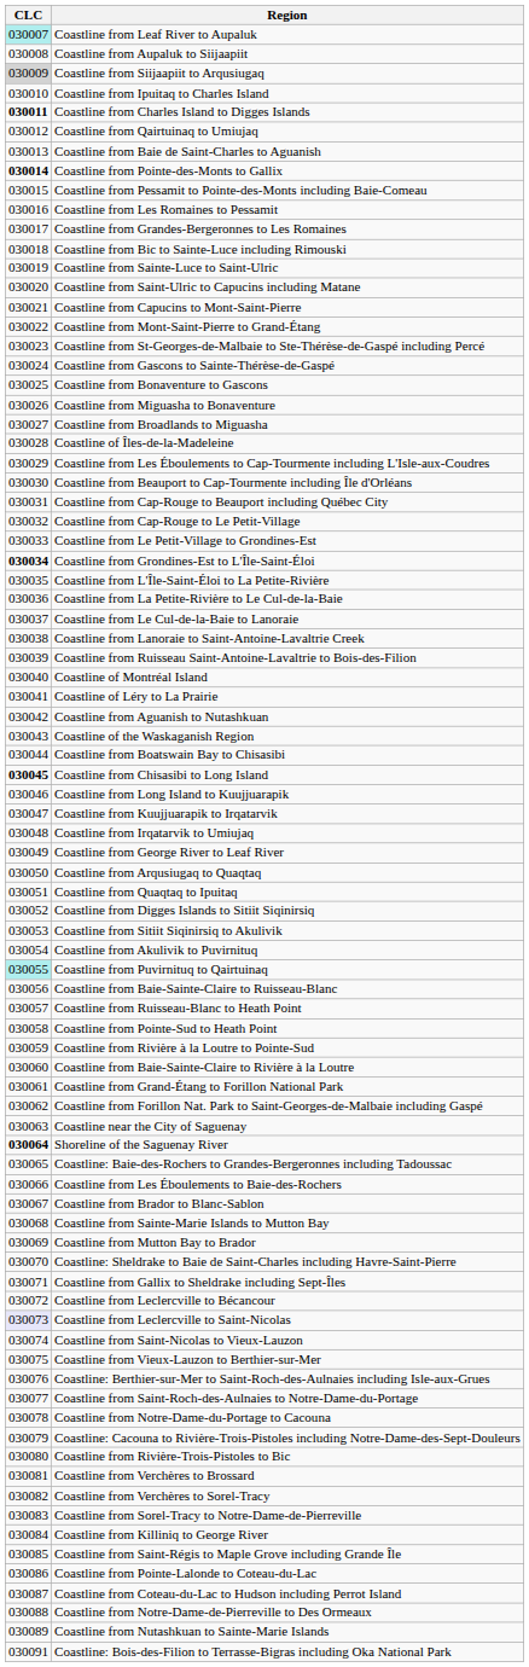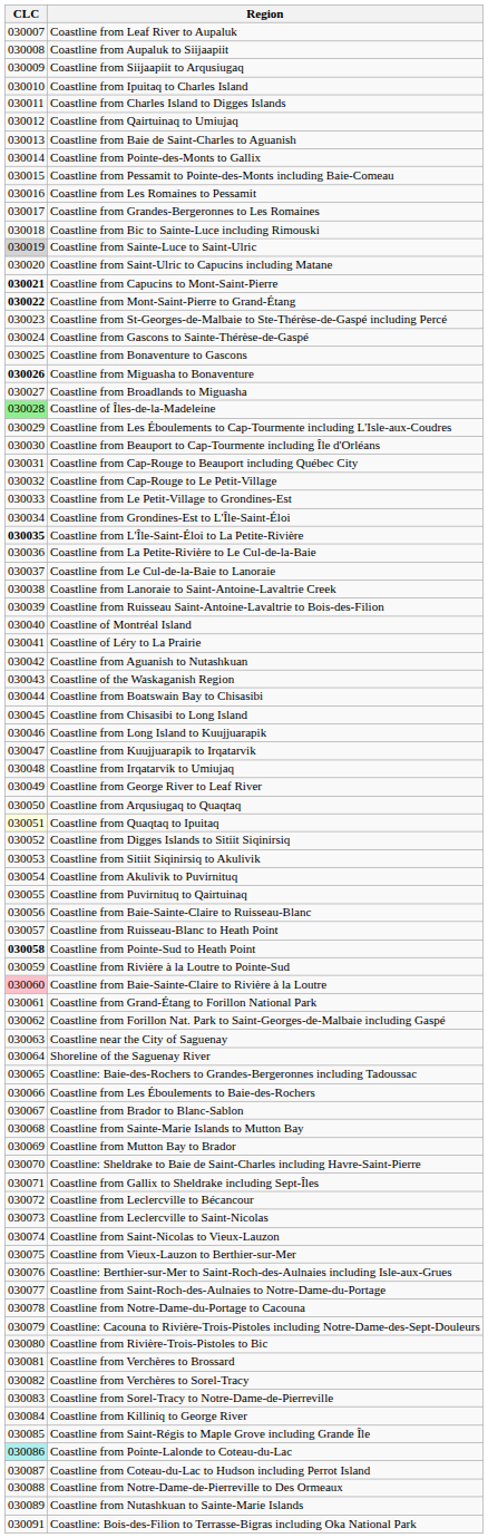 <table class="wikitable" style="line-height: 100%;">
 <tr>
 <th>CLC</th>
 <th>Region</th>
 </tr>
 <tr>
-<td style="background: paleturquoise;">030007</td>
+<td>030007</td>
 <td>Coastline from Leaf River to Aupaluk</td>
 </tr>
 <tr>
 <td>030008</td>
 <td>Coastline from Aupaluk to Siijaapiit</td>
 </tr>
 <tr>
-<td style="background: lightgrey;">030009</td>
+<td>030009</td>
 <td>Coastline from Siijaapiit to Arqusiugaq</td>
 </tr>
 <tr>
 <td>030010</td>
 <td>Coastline from Ipuitaq to Charles Island</td>
 </tr>
 <tr>
-<td><strong>030011</strong></td>
+<td>030011</td>
 <td>Coastline from Charles Island to Digges Islands</td>
 </tr>
 <tr>
 <td>030012</td>
 <td>Coastline from Qairtuinaq to Umiujaq</td>
 </tr>
 <tr>
 <td>030013</td>
 <td>Coastline from Baie de Saint-Charles to Aguanish</td>
 </tr>
 <tr>
-<td><strong>030014</strong></td>
+<td>030014</td>
 <td>Coastline from Pointe-des-Monts to Gallix</td>
 </tr>
 <tr>
 <td>030015</td>
 <td>Coastline from Pessamit to Pointe-des-Monts including Baie-Comeau</td>
 </tr>
 <tr>
 <td>030016</td>
 <td>Coastline from Les Romaines to Pessamit</td>
 </tr>
 <tr>
 <td>030017</td>
 <td>Coastline from Grandes-Bergeronnes to Les Romaines</td>
 </tr>
 <tr>
 <td>030018</td>
 <td>Coastline from Bic to Sainte-Luce including Rimouski</td>
 </tr>
 <tr>
-<td>030019</td>
+<td style="background: lightgrey;">030019</td>
 <td>Coastline from Sainte-Luce to Saint-Ulric</td>
 </tr>
 <tr>
 <td>030020</td>
 <td>Coastline from Saint-Ulric to Capucins including Matane</td>
 </tr>
 <tr>
-<td>030021</td>
+<td><strong>030021</strong></td>
 <td>Coastline from Capucins to Mont-Saint-Pierre</td>
 </tr>
 <tr>
-<td>030022</td>
+<td><strong>030022</strong></td>
 <td>Coastline from Mont-Saint-Pierre to Grand-Étang</td>
 </tr>
 <tr>
 <td>030023</td>
 <td>Coastline from St-Georges-de-Malbaie to Ste-Thérèse-de-Gaspé including Percé</td>
 </tr>
 <tr>
 <td>030024</td>
 <td>Coastline from Gascons to Sainte-Thérèse-de-Gaspé</td>
 </tr>
 <tr>
 <td>030025</td>
 <td>Coastline from Bonaventure to Gascons</td>
 </tr>
 <tr>
-<td>030026</td>
+<td><strong>030026</strong></td>
 <td>Coastline from Miguasha to Bonaventure</td>
 </tr>
 <tr>
 <td>030027</td>
 <td>Coastline from Broadlands to Miguasha</td>
 </tr>
 <tr>
-<td>030028</td>
+<td style="background: lightgreen;">030028</td>
 <td>Coastline of Îles-de-la-Madeleine</td>
 </tr>
 <tr>
 <td>030029</td>
 <td>Coastline from Les Éboulements to Cap-Tourmente including L'Isle-aux-Coudres</td>
 </tr>
 <tr>
 <td>030030</td>
 <td>Coastline from Beauport to Cap-Tourmente including Île d'Orléans</td>
 </tr>
 <tr>
 <td>030031</td>
 <td>Coastline from Cap-Rouge to Beauport including Québec City</td>
 </tr>
 <tr>
 <td>030032</td>
 <td>Coastline from Cap-Rouge to Le Petit-Village</td>
 </tr>
 <tr>
 <td>030033</td>
 <td>Coastline from Le Petit-Village to Grondines-Est</td>
 </tr>
 <tr>
-<td><strong>030034</strong></td>
+<td>030034</td>
 <td>Coastline from Grondines-Est to L'Île-Saint-Éloi</td>
 </tr>
 <tr>
-<td>030035</td>
+<td><strong>030035</strong></td>
 <td>Coastline from L'Île-Saint-Éloi to La Petite-Rivière</td>
 </tr>
 <tr>
 <td>030036</td>
 <td>Coastline from La Petite-Rivière to Le Cul-de-la-Baie</td>
 </tr>
 <tr>
 <td>030037</td>
 <td>Coastline from Le Cul-de-la-Baie to Lanoraie</td>
 </tr>
 <tr>
 <td>030038</td>
 <td>Coastline from Lanoraie to Saint-Antoine-Lavaltrie Creek</td>
 </tr>
 <tr>
 <td>030039</td>
 <td>Coastline from Ruisseau Saint-Antoine-Lavaltrie to Bois-des-Filion</td>
 </tr>
 <tr>
 <td>030040</td>
 <td>Coastline of Montréal Island</td>
 </tr>
 <tr>
 <td>030041</td>
 <td>Coastline of Léry to La Prairie</td>
 </tr>
 <tr>
 <td>030042</td>
 <td>Coastline from Aguanish to Nutashkuan</td>
 </tr>
 <tr>
 <td>030043</td>
 <td>Coastline of the Waskaganish Region</td>
 </tr>
 <tr>
 <td>030044</td>
 <td>Coastline from Boatswain Bay to Chisasibi</td>
 </tr>
 <tr>
-<td><strong>030045</strong></td>
+<td>030045</td>
 <td>Coastline from Chisasibi to Long Island</td>
 </tr>
 <tr>
 <td>030046</td>
 <td>Coastline from Long Island to Kuujjuarapik</td>
 </tr>
 <tr>
 <td>030047</td>
 <td>Coastline from Kuujjuarapik to Irqatarvik</td>
 </tr>
 <tr>
 <td>030048</td>
 <td>Coastline from Irqatarvik to Umiujaq</td>
 </tr>
 <tr>
 <td>030049</td>
 <td>Coastline from George River to Leaf River</td>
 </tr>
 <tr>
 <td>030050</td>
 <td>Coastline from Arqusiugaq to Quaqtaq</td>
 </tr>
 <tr>
-<td>030051</td>
+<td style="background: lightyellow;">030051</td>
 <td>Coastline from Quaqtaq to Ipuitaq</td>
 </tr>
 <tr>
 <td>030052</td>
 <td>Coastline from Digges Islands to Sitiit Siqinirsiq</td>
 </tr>
 <tr>
 <td>030053</td>
 <td>Coastline from Sitiit Siqinirsiq to Akulivik</td>
 </tr>
 <tr>
 <td>030054</td>
 <td>Coastline from Akulivik to Puvirnituq</td>
 </tr>
 <tr>
-<td style="background: paleturquoise;">030055</td>
+<td>030055</td>
 <td>Coastline from Puvirnituq to Qairtuinaq</td>
 </tr>
 <tr>
 <td>030056</td>
 <td>Coastline from Baie-Sainte-Claire to Ruisseau-Blanc</td>
 </tr>
 <tr>
 <td>030057</td>
 <td>Coastline from Ruisseau-Blanc to Heath Point</td>
 </tr>
 <tr>
-<td>030058</td>
+<td><strong>030058</strong></td>
 <td>Coastline from Pointe-Sud to Heath Point</td>
 </tr>
 <tr>
 <td>030059</td>
 <td>Coastline from Rivière à la Loutre to Pointe-Sud</td>
 </tr>
 <tr>
-<td>030060</td>
+<td style="background: pink;">030060</td>
 <td>Coastline from Baie-Sainte-Claire to Rivière à la Loutre</td>
 </tr>
 <tr>
 <td>030061</td>
 <td>Coastline from Grand-Étang to Forillon National Park</td>
 </tr>
 <tr>
 <td>030062</td>
 <td>Coastline from Forillon Nat. Park to Saint-Georges-de-Malbaie including Gaspé</td>
 </tr>
 <tr>
 <td>030063</td>
 <td>Coastline near the City of Saguenay</td>
 </tr>
 <tr>
-<td><strong>030064</strong></td>
+<td>030064</td>
 <td>Shoreline of the Saguenay River</td>
 </tr>
 <tr>
 <td>030065</td>
 <td>Coastline: Baie-des-Rochers to Grandes-Bergeronnes including Tadoussac</td>
 </tr>
 <tr>
 <td>030066</td>
 <td>Coastline from Les Éboulements to Baie-des-Rochers</td>
 </tr>
 <tr>
 <td>030067</td>
 <td>Coastline from Brador to Blanc-Sablon</td>
 </tr>
 <tr>
 <td>030068</td>
 <td>Coastline from Sainte-Marie Islands to Mutton Bay</td>
 </tr>
 <tr>
 <td>030069</td>
 <td>Coastline from Mutton Bay to Brador</td>
 </tr>
 <tr>
 <td>030070</td>
 <td>Coastline: Sheldrake to Baie de Saint-Charles including Havre-Saint-Pierre</td>
 </tr>
 <tr>
 <td>030071</td>
 <td>Coastline from Gallix to Sheldrake including Sept-Îles</td>
 </tr>
 <tr>
 <td>030072</td>
 <td>Coastline from Leclercville to Bécancour</td>
 </tr>
 <tr>
-<td style="background: lavender;">030073</td>
+<td>030073</td>
 <td>Coastline from Leclercville to Saint-Nicolas</td>
 </tr>
 <tr>
 <td>030074</td>
 <td>Coastline from Saint-Nicolas to Vieux-Lauzon</td>
 </tr>
 <tr>
 <td>030075</td>
 <td>Coastline from Vieux-Lauzon to Berthier-sur-Mer</td>
 </tr>
 <tr>
 <td>030076</td>
 <td>Coastline: Berthier-sur-Mer to Saint-Roch-des-Aulnaies including Isle-aux-Grues</td>
 </tr>
 <tr>
 <td>030077</td>
 <td>Coastline from Saint-Roch-des-Aulnaies to Notre-Dame-du-Portage</td>
 </tr>
 <tr>
 <td>030078</td>
 <td>Coastline from Notre-Dame-du-Portage to Cacouna</td>
 </tr>
 <tr>
 <td>030079</td>
 <td>Coastline: Cacouna to Rivière-Trois-Pistoles including Notre-Dame-des-Sept-Douleurs</td>
 </tr>
 <tr>
 <td>030080</td>
 <td>Coastline from Rivière-Trois-Pistoles to Bic</td>
 </tr>
 <tr>
 <td>030081</td>
 <td>Coastline from Verchères to Brossard</td>
 </tr>
 <tr>
 <td>030082</td>
 <td>Coastline from Verchères to Sorel-Tracy</td>
 </tr>
 <tr>
 <td>030083</td>
 <td>Coastline from Sorel-Tracy to Notre-Dame-de-Pierreville</td>
 </tr>
 <tr>
 <td>030084</td>
 <td>Coastline from Killiniq to George River</td>
 </tr>
 <tr>
 <td>030085</td>
 <td>Coastline from Saint-Régis to Maple Grove including Grande Île</td>
 </tr>
 <tr>
-<td>030086</td>
+<td style="background: paleturquoise;">030086</td>
 <td>Coastline from Pointe-Lalonde to Coteau-du-Lac</td>
 </tr>
 <tr>
 <td>030087</td>
 <td>Coastline from Coteau-du-Lac to Hudson including Perrot Island</td>
 </tr>
 <tr>
 <td>030088</td>
 <td>Coastline from Notre-Dame-de-Pierreville to Des Ormeaux</td>
 </tr>
 <tr>
 <td>030089</td>
 <td>Coastline from Nutashkuan to Sainte-Marie Islands</td>
 </tr>
 <tr>
 <td>030091</td>
 <td>Coastline: Bois-des-Filion to Terrasse-Bigras including Oka National Park</td>
 </tr>
 </table>
